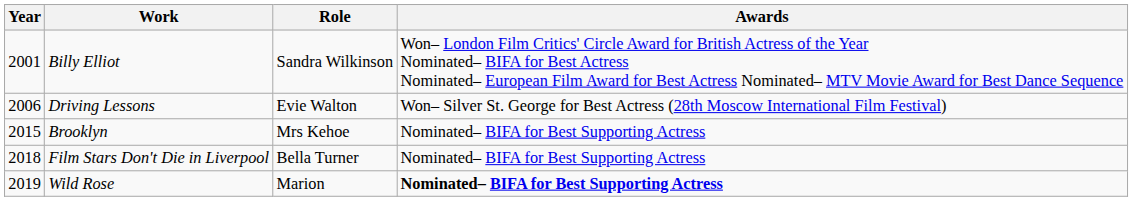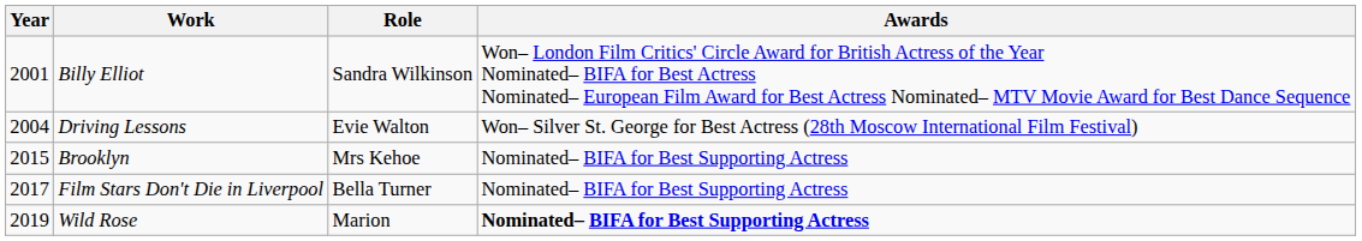 <table class="wikitable">
 <tr style="text-align:center;">
 <th>Year</th>
 <th>Work</th>
 <th>Role</th>
 <th>Awards</th>
 </tr>
 <tr>
 <td>2001</td>
 <td><em>Billy Elliot</em></td>
 <td>Sandra Wilkinson</td>
 <td>Won– <a href='#'>London Film Critics' Circle Award for British Actress of the Year</a><br>Nominated– <a href='#'>BIFA for Best Actress</a> <br> Nominated– <a href='#'>European Film Award for Best Actress</a> Nominated– <a href='#'>MTV Movie Award for Best Dance Sequence</a> </td>
 </tr>
 <tr>
-<td>2006</td>
+<td>2004</td>
 <td><em>Driving Lessons</em></td>
 <td>Evie Walton</td>
 <td>Won– Silver St. George for Best Actress (<a href='#'>28th Moscow International Film Festival</a>)</td>
 </tr>
 <tr>
 <td>2015</td>
 <td><em>Brooklyn</em></td>
 <td>Mrs Kehoe</td>
 <td>Nominated– <a href='#'>BIFA for Best Supporting Actress</a></td>
 </tr>
 <tr>
-<td>2018</td>
+<td>2017</td>
 <td><em>Film Stars Don't Die in Liverpool</em></td>
 <td>Bella Turner</td>
 <td>Nominated– <a href='#'>BIFA for Best Supporting Actress</a></td>
 </tr>
 <tr>
 <td>2019</td>
 <td><em>Wild Rose</em></td>
 <td>Marion</td>
 <td><strong>Nominated– <a href='#'>BIFA for Best Supporting Actress</a></strong></td>
 </tr>
 </table>
